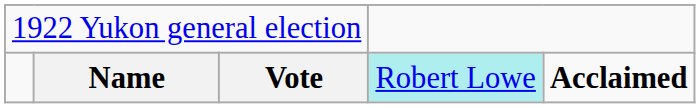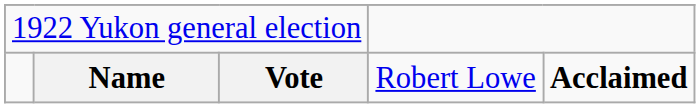 <table class="wikitable">
 <tr>
 <td colspan=3 align=center><a href='#'>1922 Yukon general election</a></td>
 </tr>
 <tr>
 <td></td>
 <th><strong>Name </strong></th>
 <th><strong>Vote</strong><br></th>
-<td style="background: paleturquoise;"><a href='#'>Robert Lowe</a></td>
+<td><a href='#'>Robert Lowe</a></td>
 <td colspan="2" align=center><strong>Acclaimed</strong></td>
 </tr>
 </table>
